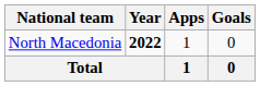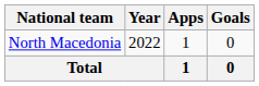 <table class=wikitable style=text-align:center>
 <tr>
 <th>National team</th>
 <th>Year</th>
 <th>Apps</th>
 <th>Goals</th>
 </tr>
 <tr>
 <td rowspan="1"><a href='#'>North Macedonia</a></td>
-<td><strong>2022</strong></td>
+<td>2022</td>
 <td>1</td>
 <td>0</td>
 </tr>
 <tr>
 <th colspan="2">Total</th>
 <th>1</th>
 <th>0</th>
 </tr>
 </table>
